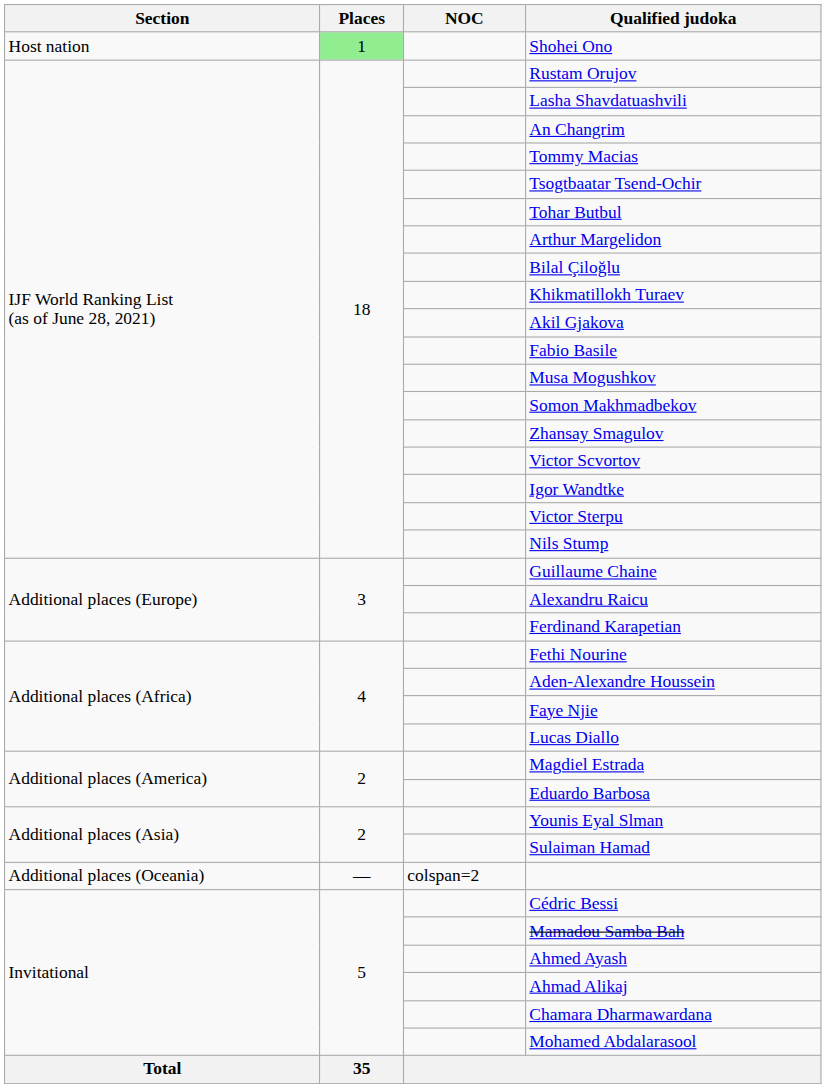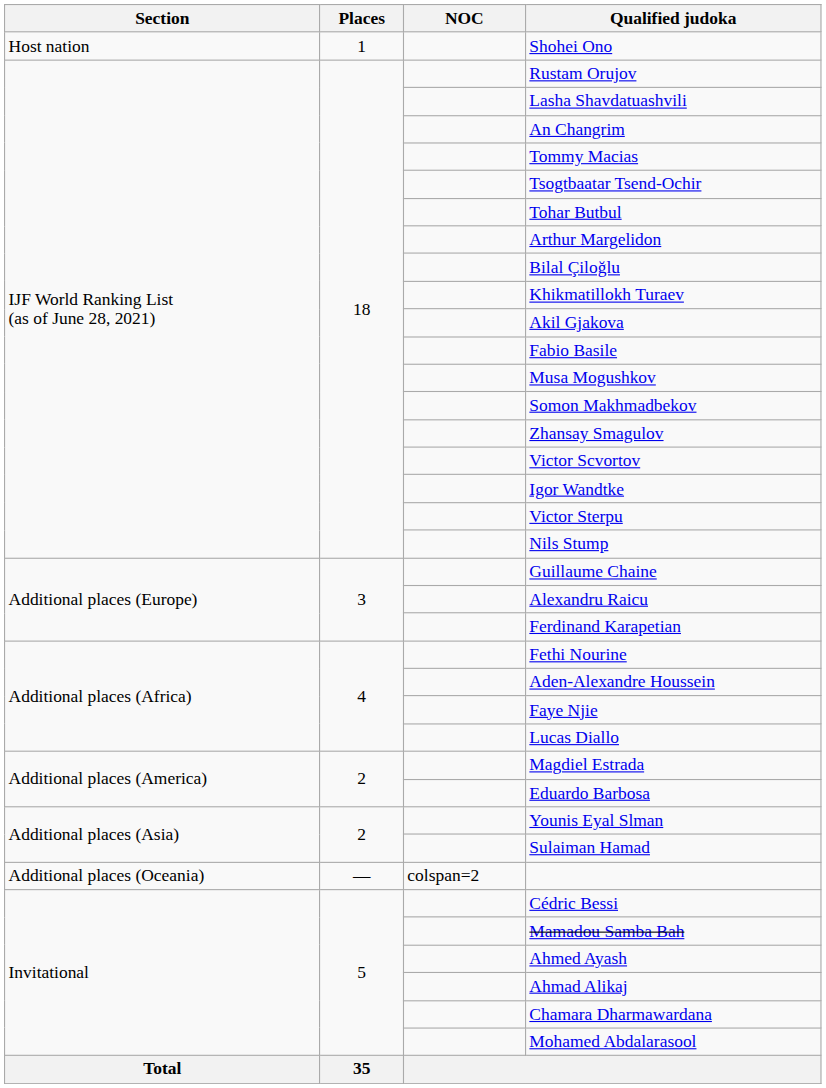 <table class="wikitable"  width=750>
 <tr>
 <th>Section</th>
 <th>Places</th>
 <th>NOC</th>
 <th>Qualified judoka</th>
 </tr>
 <tr>
 <td>Host nation</td>
-<td align=center style="background: lightgreen;">1</td>
+<td align=center>1</td>
 <td></td>
 <td><a href='#'>Shohei Ono</a></td>
 </tr>
 <tr>
 <td rowspan=18>IJF World Ranking List<br>(as of June 28, 2021)</td>
 <td rowspan=18 align=center>18</td>
 <td></td>
 <td><a href='#'>Rustam Orujov</a></td>
 </tr>
 <tr>
 <td></td>
 <td><a href='#'>Lasha Shavdatuashvili</a></td>
 </tr>
 <tr>
 <td></td>
 <td><a href='#'>An Changrim</a></td>
 </tr>
 <tr>
 <td></td>
 <td><a href='#'>Tommy Macias</a></td>
 </tr>
 <tr>
 <td></td>
 <td><a href='#'>Tsogtbaatar Tsend-Ochir</a></td>
 </tr>
 <tr>
 <td></td>
 <td><a href='#'>Tohar Butbul</a></td>
 </tr>
 <tr>
 <td></td>
 <td><a href='#'>Arthur Margelidon</a></td>
 </tr>
 <tr>
 <td></td>
 <td><a href='#'>Bilal Çiloğlu</a></td>
 </tr>
 <tr>
 <td></td>
 <td><a href='#'>Khikmatillokh Turaev</a></td>
 </tr>
 <tr>
 <td></td>
 <td><a href='#'>Akil Gjakova</a></td>
 </tr>
 <tr>
 <td></td>
 <td><a href='#'>Fabio Basile</a></td>
 </tr>
 <tr>
 <td></td>
 <td><a href='#'>Musa Mogushkov</a></td>
 </tr>
 <tr>
 <td></td>
 <td><a href='#'>Somon Makhmadbekov</a></td>
 </tr>
 <tr>
 <td></td>
 <td><a href='#'>Zhansay Smagulov</a></td>
 </tr>
 <tr>
 <td></td>
 <td><a href='#'>Victor Scvortov</a></td>
 </tr>
 <tr>
 <td></td>
 <td><a href='#'>Igor Wandtke</a></td>
 </tr>
 <tr>
 <td></td>
 <td><a href='#'>Victor Sterpu</a></td>
 </tr>
 <tr>
 <td></td>
 <td><a href='#'>Nils Stump</a></td>
 </tr>
 <tr>
 <td rowspan=3>Additional places (Europe)</td>
 <td rowspan=3 align=center>3</td>
 <td></td>
 <td><a href='#'>Guillaume Chaine</a></td>
 </tr>
 <tr>
 <td></td>
 <td><a href='#'>Alexandru Raicu</a></td>
 </tr>
 <tr>
 <td></td>
 <td><a href='#'>Ferdinand Karapetian</a></td>
 </tr>
 <tr>
 <td rowspan=4>Additional places (Africa)</td>
 <td rowspan=4 align=center>4</td>
 <td></td>
 <td><a href='#'>Fethi Nourine</a></td>
 </tr>
 <tr>
 <td></td>
 <td><a href='#'>Aden-Alexandre Houssein</a></td>
 </tr>
 <tr>
 <td></td>
 <td><a href='#'>Faye Njie</a></td>
 </tr>
 <tr>
 <td></td>
 <td><a href='#'>Lucas Diallo</a></td>
 </tr>
 <tr>
 <td rowspan=2>Additional places (America)</td>
 <td rowspan=2 align=center>2</td>
 <td></td>
 <td><a href='#'>Magdiel Estrada</a></td>
 </tr>
 <tr>
 <td></td>
 <td><a href='#'>Eduardo Barbosa</a></td>
 </tr>
 <tr>
 <td rowspan=2>Additional places (Asia)</td>
 <td rowspan=2 align=center>2</td>
 <td></td>
 <td><a href='#'>Younis Eyal Slman</a></td>
 </tr>
 <tr>
 <td></td>
 <td><a href='#'>Sulaiman Hamad</a></td>
 </tr>
 <tr>
 <td>Additional places (Oceania)</td>
 <td align=center>—</td>
 <td>colspan=2 </td>
 </tr>
 <tr>
 <td rowspan=6>Invitational</td>
 <td rowspan=6 align=center>5</td>
 <td></td>
 <td><a href='#'>Cédric Bessi</a></td>
 </tr>
 <tr>
 <td><s></s></td>
 <td><s><a href='#'>Mamadou Samba Bah</a></s></td>
 </tr>
 <tr>
 <td></td>
 <td><a href='#'>Ahmed Ayash</a></td>
 </tr>
 <tr>
 <td></td>
 <td><a href='#'>Ahmad Alikaj</a></td>
 </tr>
 <tr>
 <td></td>
 <td><a href='#'>Chamara Dharmawardana</a></td>
 </tr>
 <tr>
 <td></td>
 <td><a href='#'>Mohamed Abdalarasool</a></td>
 </tr>
 <tr>
 <th>Total</th>
 <th>35</th>
 <th colspan=2></th>
 </tr>
 </table>
